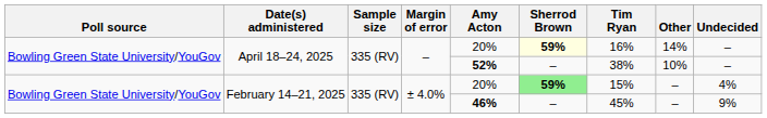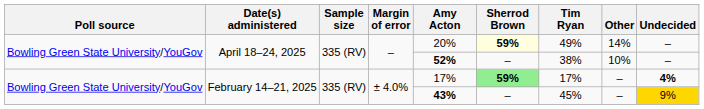 <table class="wikitable" style="font-size:90%;text-align:center;">
 <tr valign=bottom>
 <th>Poll source</th>
 <th>Date(s)<br>administered</th>
 <th>Sample<br>size</th>
 <th>Margin<br>of error</th>
 <th style="width:75px">Amy<br>Acton</th>
 <th style="width:75px">Sherrod<br>Brown</th>
 <th style="width:75px">Tim<br>Ryan</th>
 <th>Other</th>
 <th>Undecided</th>
 </tr>
 <tr>
 <td style="text-align:left;" rowspan="2"><a href='#'>Bowling Green State University</a>/<a href='#'>YouGov</a></td>
 <td rowspan="2">April 18–24, 2025</td>
 <td rowspan="2">335 (RV)</td>
 <td rowspan="2">–</td>
 <td>20%</td>
 <td style="background: lightyellow;"><strong>59%</strong></td>
-<td>16%</td>
+<td>49%</td>
 <td>14%</td>
 <td>–</td>
 </tr>
 <tr>
 <td><strong>52%</strong></td>
 <td>–</td>
 <td>38%</td>
 <td>10%</td>
 <td>–</td>
 </tr>
 <tr>
 <td rowspan="2" style="text-align:left;"><a href='#'>Bowling Green State University</a>/<a href='#'>YouGov</a></td>
 <td rowspan="2">February 14–21, 2025</td>
 <td rowspan="2">335 (RV)</td>
 <td rowspan="2">± 4.0%</td>
-<td>20%</td>
+<td>17%</td>
 <td style="background: lightgreen;"><strong>59%</strong></td>
-<td>15%</td>
+<td>17%</td>
 <td>–</td>
-<td>4%</td>
+<td><strong>4%</strong></td>
 </tr>
 <tr>
-<td><strong>46%</strong></td>
+<td><strong>43%</strong></td>
 <td>–</td>
 <td>45%</td>
 <td>–</td>
-<td>9%</td>
+<td style="background: gold;">9%</td>
 </tr>
 </table>
